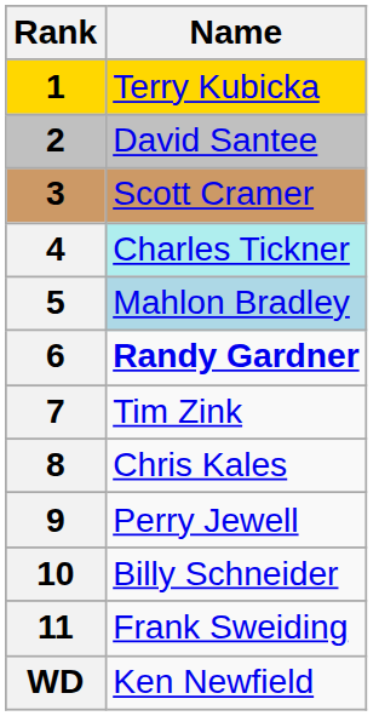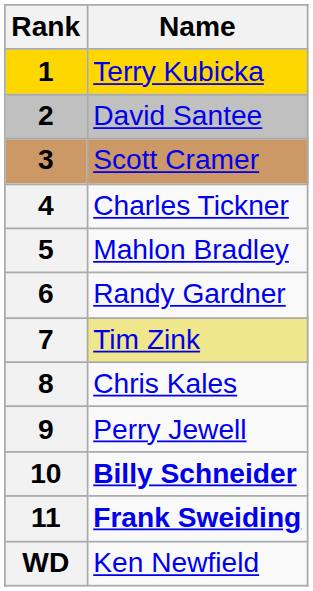 <table class="wikitable">
 <tr>
 <th>Rank</th>
 <th>Name</th>
 </tr>
 <tr bgcolor="gold">
 <td align="center"><strong>1</strong></td>
 <td><a href='#'>Terry Kubicka</a></td>
 </tr>
 <tr bgcolor="silver">
 <td align="center"><strong>2</strong></td>
 <td><a href='#'>David Santee</a></td>
 </tr>
 <tr bgcolor="cc9966">
 <td align="center"><strong>3</strong></td>
 <td><a href='#'>Scott Cramer</a></td>
 </tr>
 <tr>
 <th>4</th>
-<td style="background: paleturquoise;"><a href='#'>Charles Tickner</a></td>
+<td><a href='#'>Charles Tickner</a></td>
 </tr>
 <tr>
 <th>5</th>
-<td style="background: lightblue;"><a href='#'>Mahlon Bradley</a></td>
+<td><a href='#'>Mahlon Bradley</a></td>
 </tr>
 <tr>
 <th>6</th>
-<td><strong><a href='#'>Randy Gardner</a></strong></td>
+<td><a href='#'>Randy Gardner</a></td>
 </tr>
 <tr>
 <th>7</th>
-<td><a href='#'>Tim Zink</a></td>
+<td style="background: khaki;"><a href='#'>Tim Zink</a></td>
 </tr>
 <tr>
 <th>8</th>
 <td><a href='#'>Chris Kales</a></td>
 </tr>
 <tr>
 <th>9</th>
 <td><a href='#'>Perry Jewell</a></td>
 </tr>
 <tr>
 <th>10</th>
-<td><a href='#'>Billy Schneider</a></td>
+<td><strong><a href='#'>Billy Schneider</a></strong></td>
 </tr>
 <tr>
 <th>11</th>
-<td><a href='#'>Frank Sweiding</a></td>
+<td><strong><a href='#'>Frank Sweiding</a></strong></td>
 </tr>
 <tr>
 <th>WD</th>
 <td><a href='#'>Ken Newfield</a></td>
 </tr>
 </table>
